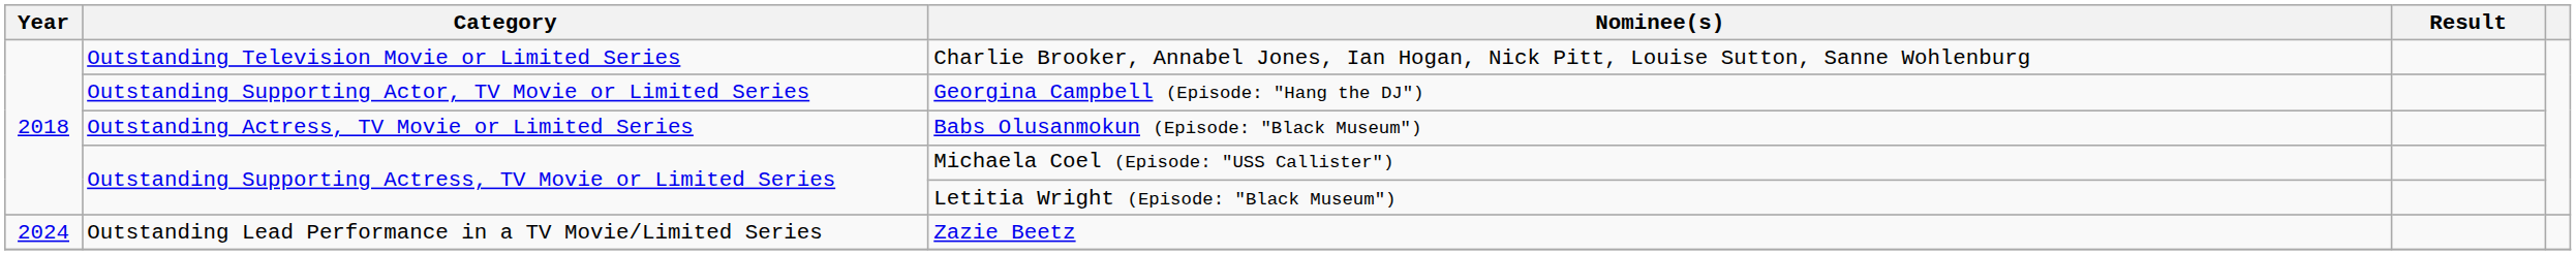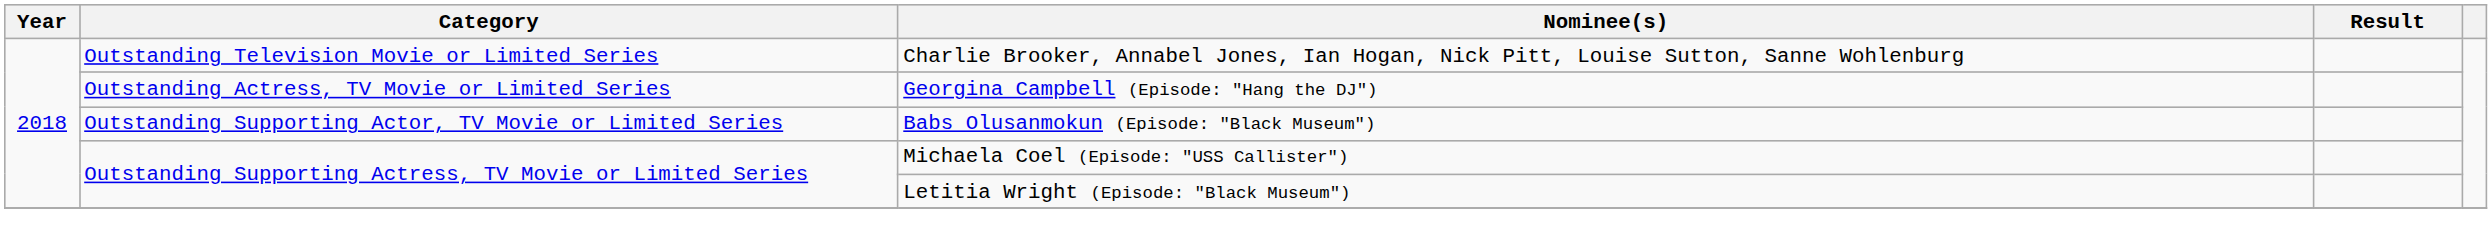 <table class="wikitable sortable" style="width:98%; summary:Black Mirror won zero of five awards.">
 <tr>
 <th scope="col" style="width:3%;">Year</th>
 <th scope="col" style="width:33%;">Category</th>
 <th>Nominee(s)</th>
 <th scope="col" style="width:6%;">Result</th>
 <th scope="col" class="unsortable" style="width:1%;"></th>
 </tr>
 <tr>
 <td rowspan="5" style="text-align: center;"><a href='#'>2018</a></td>
 <td><a href='#'>Outstanding Television Movie or Limited Series</a></td>
 <td>Charlie Brooker, Annabel Jones, Ian Hogan, Nick Pitt, Louise Sutton, Sanne Wohlenburg</td>
 <td></td>
 <td rowspan="5" align="center"></td>
 </tr>
 <tr>
-<td><a href='#'>Outstanding Supporting Actor, TV Movie or Limited Series</a></td>
+<td><a href='#'>Outstanding Actress, TV Movie or Limited Series</a></td>
 <td><a href='#'>Georgina Campbell</a> <small>(Episode: "Hang the DJ")</small></td>
 <td></td>
 </tr>
 <tr>
-<td><a href='#'>Outstanding Actress, TV Movie or Limited Series</a></td>
+<td><a href='#'>Outstanding Supporting Actor, TV Movie or Limited Series</a></td>
 <td><a href='#'>Babs Olusanmokun</a> <small>(Episode: "Black Museum")</small></td>
 <td></td>
 </tr>
 <tr>
 <td rowspan="2"><a href='#'>Outstanding Supporting Actress, TV Movie or Limited Series</a></td>
 <td>Michaela Coel <small>(Episode: "USS Callister")</small></td>
 <td></td>
 </tr>
 <tr>
 <td>Letitia Wright <small>(Episode: "Black Museum")</small></td>
 <td></td>
 </tr>
 <tr>
-<td align=center><a href='#'>2024</a></td>
-<td>Outstanding Lead Performance in a TV Movie/Limited Series</td>
-<td><a href='#'>Zazie Beetz</a> </td>
-<td></td>
-<td rowspan="1" align=center></td>
-</tr>
-<tr>
 </tr>
 </table>
